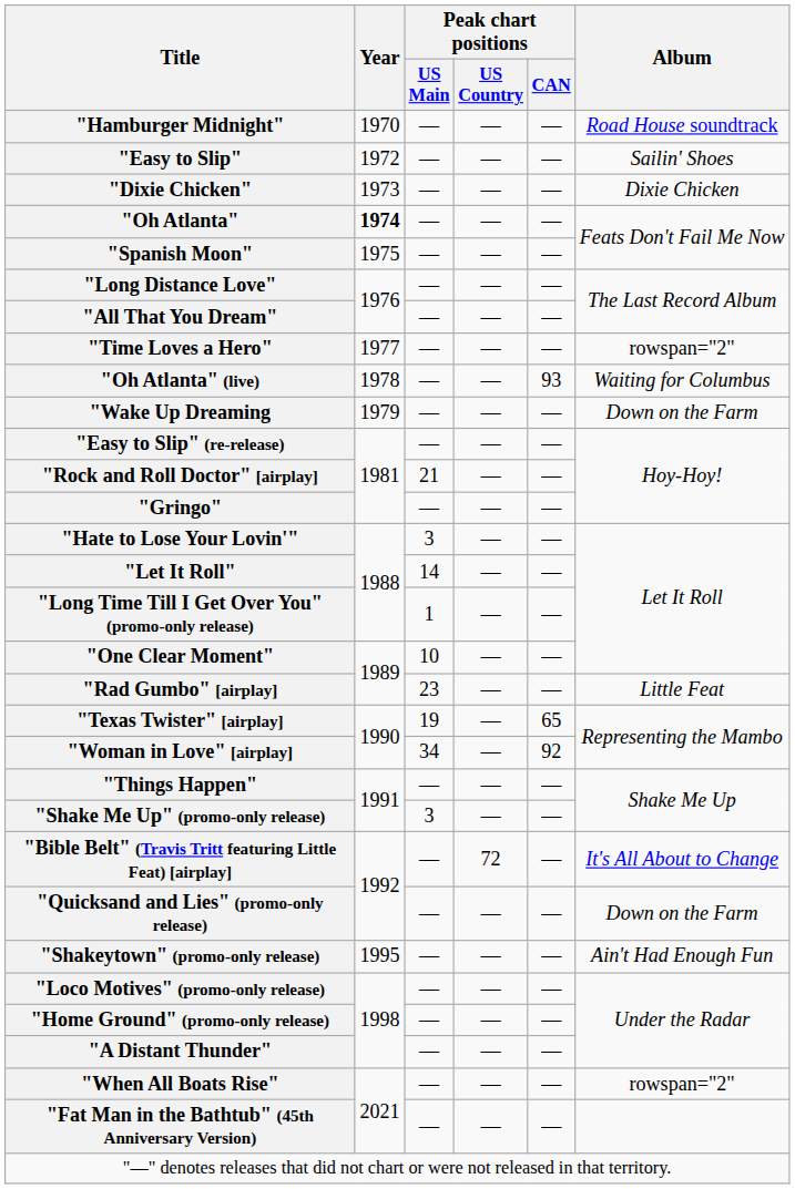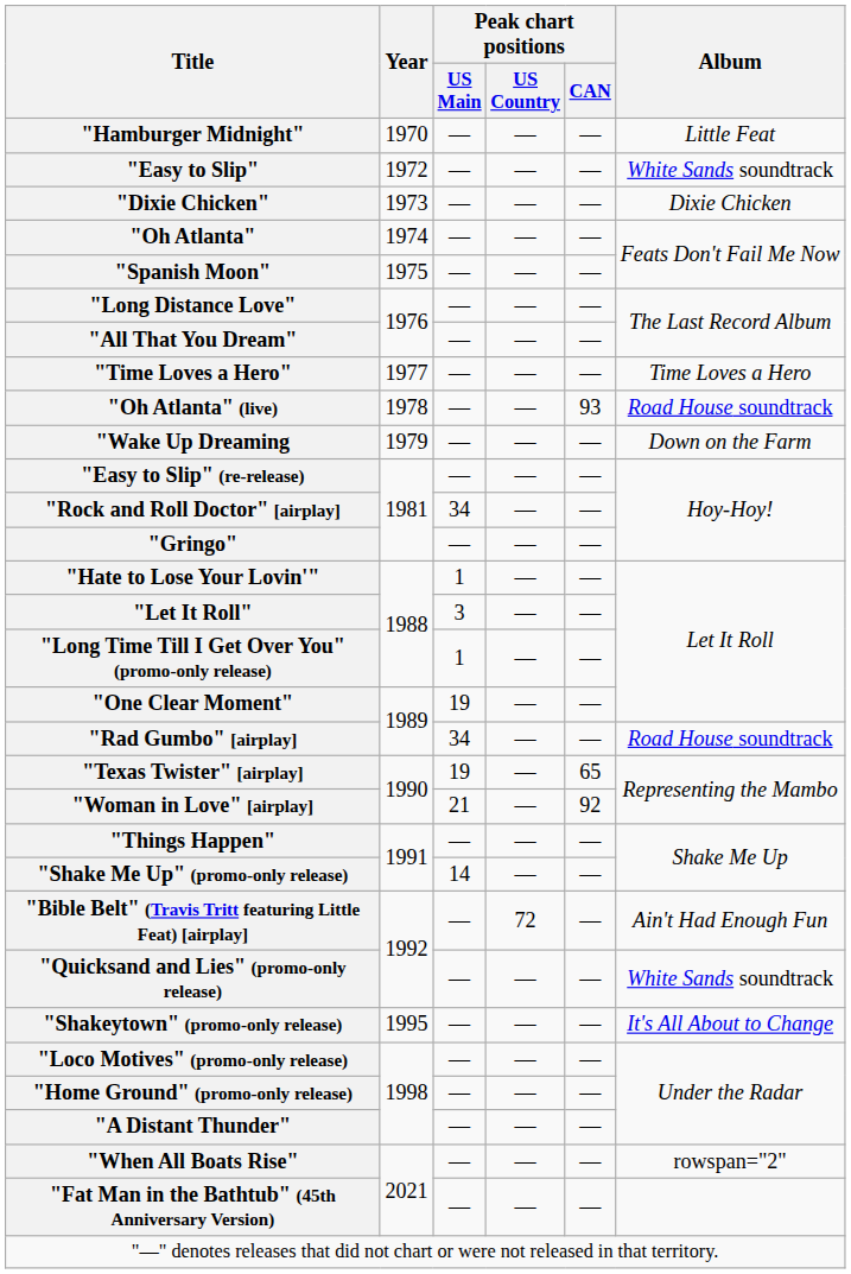 <table class="wikitable plainrowheaders" style="text-align:center;">
 <tr>
 <th rowspan="2" scope="col" style="width:17em;">Title</th>
 <th rowspan="2" scope="col" style="width:2em;">Year</th>
 <th colspan="3">Peak chart positions</th>
 <th rowspan="2">Album</th>
 </tr>
 <tr>
 <th scope="col" style="width:2em;font-size:90%;"><a href='#'>US Main</a><br></th>
 <th scope="col" style="width:2em;font-size:90%;"><a href='#'>US Country</a><br></th>
 <th scope="col" style="width:2em;font-size:90%;"><a href='#'>CAN</a><br></th>
 </tr>
 <tr>
 <th scope="row">"Hamburger Midnight"</th>
 <td>1970</td>
 <td>—</td>
 <td>—</td>
 <td>—</td>
-<td><a href='#'><em>Road House</em> soundtrack</a></td>
+<td><em>Little Feat</em></td>
 </tr>
 <tr>
 <th scope="row">"Easy to Slip"</th>
 <td>1972</td>
 <td>—</td>
 <td>—</td>
 <td>—</td>
-<td><em>Sailin' Shoes</em></td>
+<td><em><a href='#'>White Sands</a></em> soundtrack</td>
 </tr>
 <tr>
 <th scope="row">"Dixie Chicken"</th>
 <td>1973</td>
 <td>—</td>
 <td>—</td>
 <td>—</td>
 <td><em>Dixie Chicken</em></td>
 </tr>
 <tr>
 <th scope="row">"Oh Atlanta"</th>
-<td><strong>1974</strong></td>
+<td>1974</td>
 <td>—</td>
 <td>—</td>
 <td>—</td>
 <td rowspan="2"><em>Feats Don't Fail Me Now</em></td>
 </tr>
 <tr>
 <th scope="row">"Spanish Moon"</th>
 <td>1975</td>
 <td>—</td>
 <td>—</td>
 <td>—</td>
 </tr>
 <tr>
 <th scope="row">"Long Distance Love"</th>
 <td rowspan="2">1976</td>
 <td>—</td>
 <td>—</td>
 <td>—</td>
 <td rowspan="2"><em>The Last Record Album</em></td>
 </tr>
 <tr>
 <th scope="row">"All That You Dream"</th>
 <td>—</td>
 <td>—</td>
 <td>—</td>
 </tr>
 <tr>
 <th scope="row">"Time Loves a Hero"</th>
 <td>1977</td>
 <td>—</td>
 <td>—</td>
 <td>—</td>
-<td>rowspan="2" </td>
+<td><em>Time Loves a Hero</em></td>
 </tr>
 <tr>
 <th scope="row">"Oh Atlanta" <small>(live)</small></th>
 <td>1978</td>
 <td>—</td>
 <td>—</td>
 <td>93</td>
-<td><em>Waiting for Columbus</em></td>
+<td><a href='#'><em>Road House</em> soundtrack</a></td>
 </tr>
 <tr>
 <th scope="row">"Wake Up Dreaming</th>
 <td>1979</td>
 <td>—</td>
 <td>—</td>
 <td>—</td>
 <td><em>Down on the Farm</em></td>
 </tr>
 <tr>
 <th scope="row">"Easy to Slip" <small>(re-release)</small></th>
 <td rowspan="3">1981</td>
 <td>—</td>
 <td>—</td>
 <td>—</td>
 <td rowspan="3"><em>Hoy-Hoy!</em></td>
 </tr>
 <tr>
 <th scope="row">"Rock and Roll Doctor" <small>[airplay]</small></th>
-<td>21</td>
+<td>34</td>
 <td>—</td>
 <td>—</td>
 </tr>
 <tr>
 <th scope="row">"Gringo"</th>
 <td>—</td>
 <td>—</td>
 <td>—</td>
 </tr>
 <tr>
 <th scope="row">"Hate to Lose Your Lovin'"</th>
 <td rowspan="3">1988</td>
-<td>3</td>
+<td>1</td>
 <td>—</td>
 <td>—</td>
 <td rowspan="4"><em>Let It Roll</em></td>
 </tr>
 <tr>
 <th scope="row">"Let It Roll"</th>
-<td>14</td>
+<td>3</td>
 <td>—</td>
 <td>—</td>
 </tr>
 <tr>
 <th scope="row">"Long Time Till I Get Over You" <small>(promo-only release)</small></th>
 <td>1</td>
 <td>—</td>
 <td>—</td>
 </tr>
 <tr>
 <th scope="row">"One Clear Moment"</th>
 <td rowspan="2">1989</td>
-<td>10</td>
+<td>19</td>
 <td>—</td>
 <td>—</td>
 </tr>
 <tr>
 <th scope="row">"Rad Gumbo" <small>[airplay]</small></th>
-<td>23</td>
+<td>34</td>
 <td>—</td>
 <td>—</td>
-<td><em>Little Feat</em></td>
+<td><a href='#'><em>Road House</em> soundtrack</a></td>
 </tr>
 <tr>
 <th scope="row">"Texas Twister" <small>[airplay]</small></th>
 <td rowspan="2">1990</td>
 <td>19</td>
 <td>—</td>
 <td>65</td>
 <td rowspan="2"><em>Representing the Mambo</em></td>
 </tr>
 <tr>
 <th scope="row">"Woman in Love" <small>[airplay]</small></th>
-<td>34</td>
+<td>21</td>
 <td>—</td>
 <td>92</td>
 </tr>
 <tr>
 <th scope="row">"Things Happen"</th>
 <td rowspan="2">1991</td>
 <td>—</td>
 <td>—</td>
 <td>—</td>
 <td rowspan="2"><em>Shake Me Up</em></td>
 </tr>
 <tr>
 <th scope="row">"Shake Me Up" <small>(promo-only release)</small></th>
-<td>3</td>
+<td>14</td>
 <td>—</td>
 <td>—</td>
 </tr>
 <tr>
 <th scope="row">"Bible Belt" <small>(<a href='#'>Travis Tritt</a> featuring Little Feat) [airplay]</small></th>
 <td rowspan="2">1992</td>
 <td>—</td>
 <td>72</td>
 <td>—</td>
-<td><em><a href='#'>It's All About to Change</a></em></td>
+<td><em>Ain't Had Enough Fun</em></td>
 </tr>
 <tr>
 <th scope="row">"Quicksand and Lies" <small>(promo-only release)</small></th>
 <td>—</td>
 <td>—</td>
 <td>—</td>
-<td><em>Down on the Farm</em></td>
+<td><em><a href='#'>White Sands</a></em> soundtrack</td>
 </tr>
 <tr>
 <th scope="row">"Shakeytown" <small>(promo-only release)</small></th>
 <td>1995</td>
 <td>—</td>
 <td>—</td>
 <td>—</td>
-<td><em>Ain't Had Enough Fun</em></td>
+<td><em><a href='#'>It's All About to Change</a></em></td>
 </tr>
 <tr>
 <th scope="row">"Loco Motives" <small>(promo-only release)</small></th>
 <td rowspan="3">1998</td>
 <td>—</td>
 <td>—</td>
 <td>—</td>
 <td rowspan="3"><em>Under the Radar</em></td>
 </tr>
 <tr>
 <th scope="row">"Home Ground" <small>(promo-only release)</small></th>
 <td>—</td>
 <td>—</td>
 <td>—</td>
 </tr>
 <tr>
 <th scope="row">"A Distant Thunder"</th>
 <td>—</td>
 <td>—</td>
 <td>—</td>
 </tr>
 <tr>
 <th scope="row">"When All Boats Rise"</th>
 <td rowspan="2">2021</td>
 <td>—</td>
 <td>—</td>
 <td>—</td>
 <td>rowspan="2" </td>
 </tr>
 <tr>
 <th scope="row">"Fat Man in the Bathtub" <small>(45th Anniversary Version)</small></th>
 <td>—</td>
 <td>—</td>
 <td>—</td>
 </tr>
 <tr>
 <td colspan="6" style="font-size:90%">"—" denotes releases that did not chart or were not released in that territory.</td>
 </tr>
 </table>
